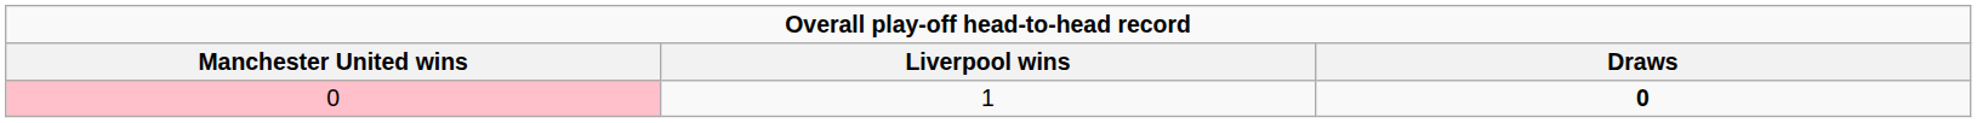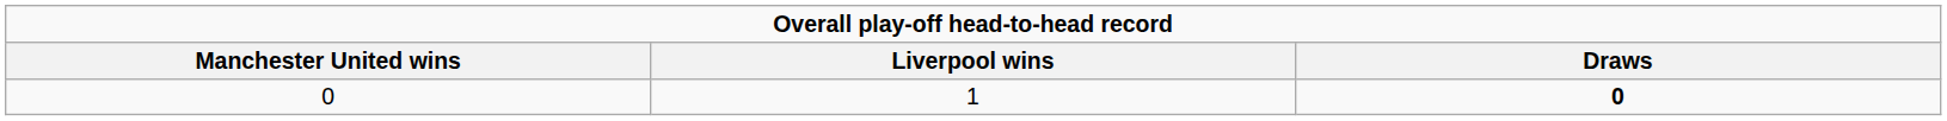 <table class="wikitable" style="font-size:90%;width:95%;text-align:center">
 <tr>
 <td colspan="3"><strong>Overall play-off head-to-head record</strong></td>
 </tr>
 <tr>
 <th width="33%">Manchester United wins</th>
 <th width="33%">Liverpool wins</th>
 <th width="33%">Draws</th>
 </tr>
 <tr>
-<td style="background: pink;">0</td>
+<td>0</td>
 <td>1</td>
 <td><strong>0</strong></td>
 </tr>
 </table>
